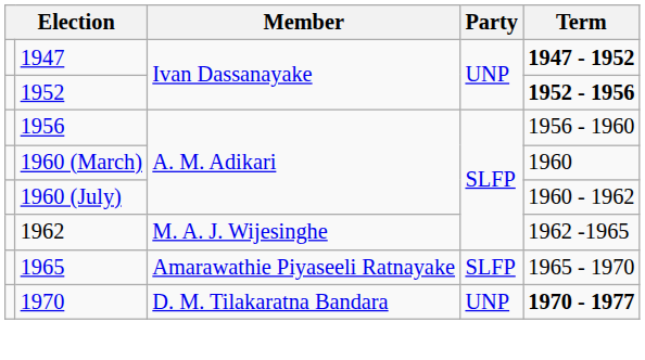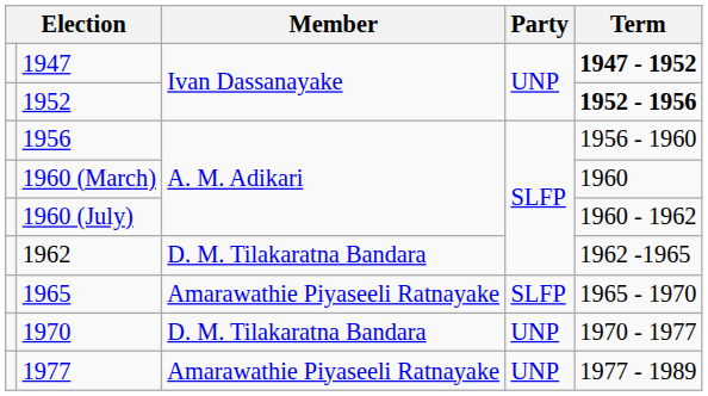 <table class="wikitable">
 <tr>
 <th colspan="2">Election</th>
 <th>Member</th>
 <th>Party</th>
 <th>Term</th>
 </tr>
 <tr>
 <td style="background-color: "></td>
 <td><a href='#'>1947</a></td>
 <td rowspan=2><a href='#'>Ivan Dassanayake</a></td>
 <td rowspan=2><a href='#'>UNP</a></td>
 <td><strong>1947 - 1952</strong></td>
 </tr>
 <tr>
 <td style="background-color: "></td>
 <td><a href='#'>1952</a></td>
 <td><strong>1952 - 1956</strong></td>
 </tr>
 <tr>
 <td style="background-color: "></td>
 <td><a href='#'>1956</a></td>
 <td rowspan=3><a href='#'>A. M. Adikari</a></td>
 <td rowspan=4><a href='#'>SLFP</a></td>
 <td>1956 - 1960</td>
 </tr>
 <tr>
 <td style="background-color: "></td>
 <td><a href='#'>1960 (March)</a></td>
 <td>1960</td>
 </tr>
 <tr>
 <td style="background-color: "></td>
 <td><a href='#'>1960 (July)</a></td>
 <td>1960 - 1962</td>
 </tr>
 <tr>
 <td style="background-color: "></td>
 <td>1962</td>
-<td><a href='#'>M. A. J. Wijesinghe</a></td>
+<td><a href='#'>D. M. Tilakaratna Bandara</a></td>
 <td>1962 -1965</td>
 </tr>
 <tr>
 <td style="background-color: "></td>
 <td><a href='#'>1965</a></td>
 <td><a href='#'>Amarawathie Piyaseeli Ratnayake</a></td>
 <td><a href='#'>SLFP</a></td>
 <td>1965 - 1970</td>
 </tr>
 <tr>
 <td style="background-color: "></td>
 <td><a href='#'>1970</a></td>
 <td><a href='#'>D. M. Tilakaratna Bandara</a></td>
 <td><a href='#'>UNP</a></td>
-<td><strong>1970 - 1977</strong></td>
+<td>1970 - 1977</td>
+</tr>
+<tr>
+<td style="background-color: "></td>
+<td><a href='#'>1977</a></td>
+<td><a href='#'>Amarawathie Piyaseeli Ratnayake</a></td>
+<td><a href='#'>UNP</a></td>
+<td>1977 - 1989</td>
 </tr>
 </table>
